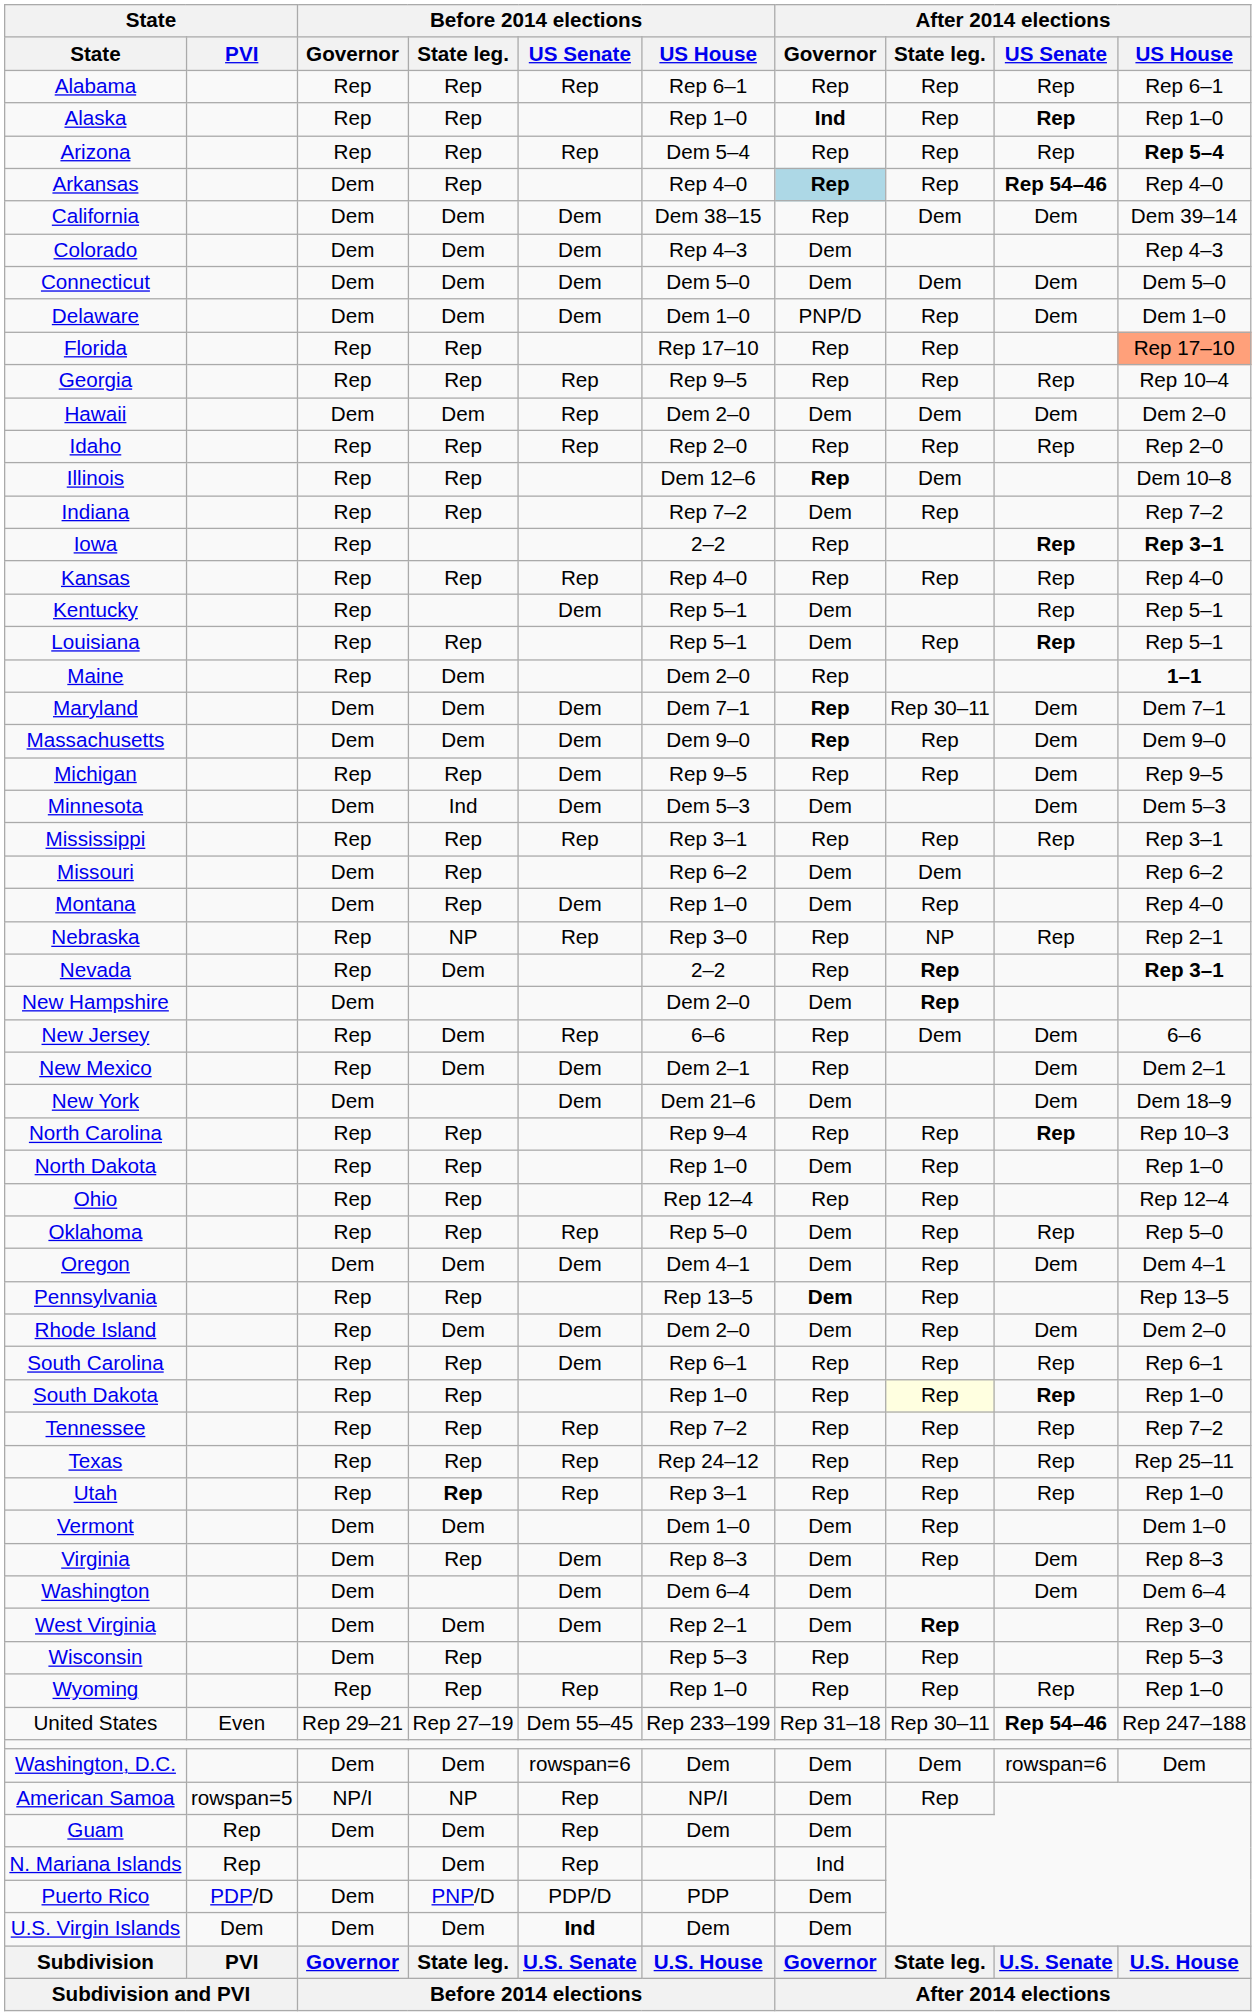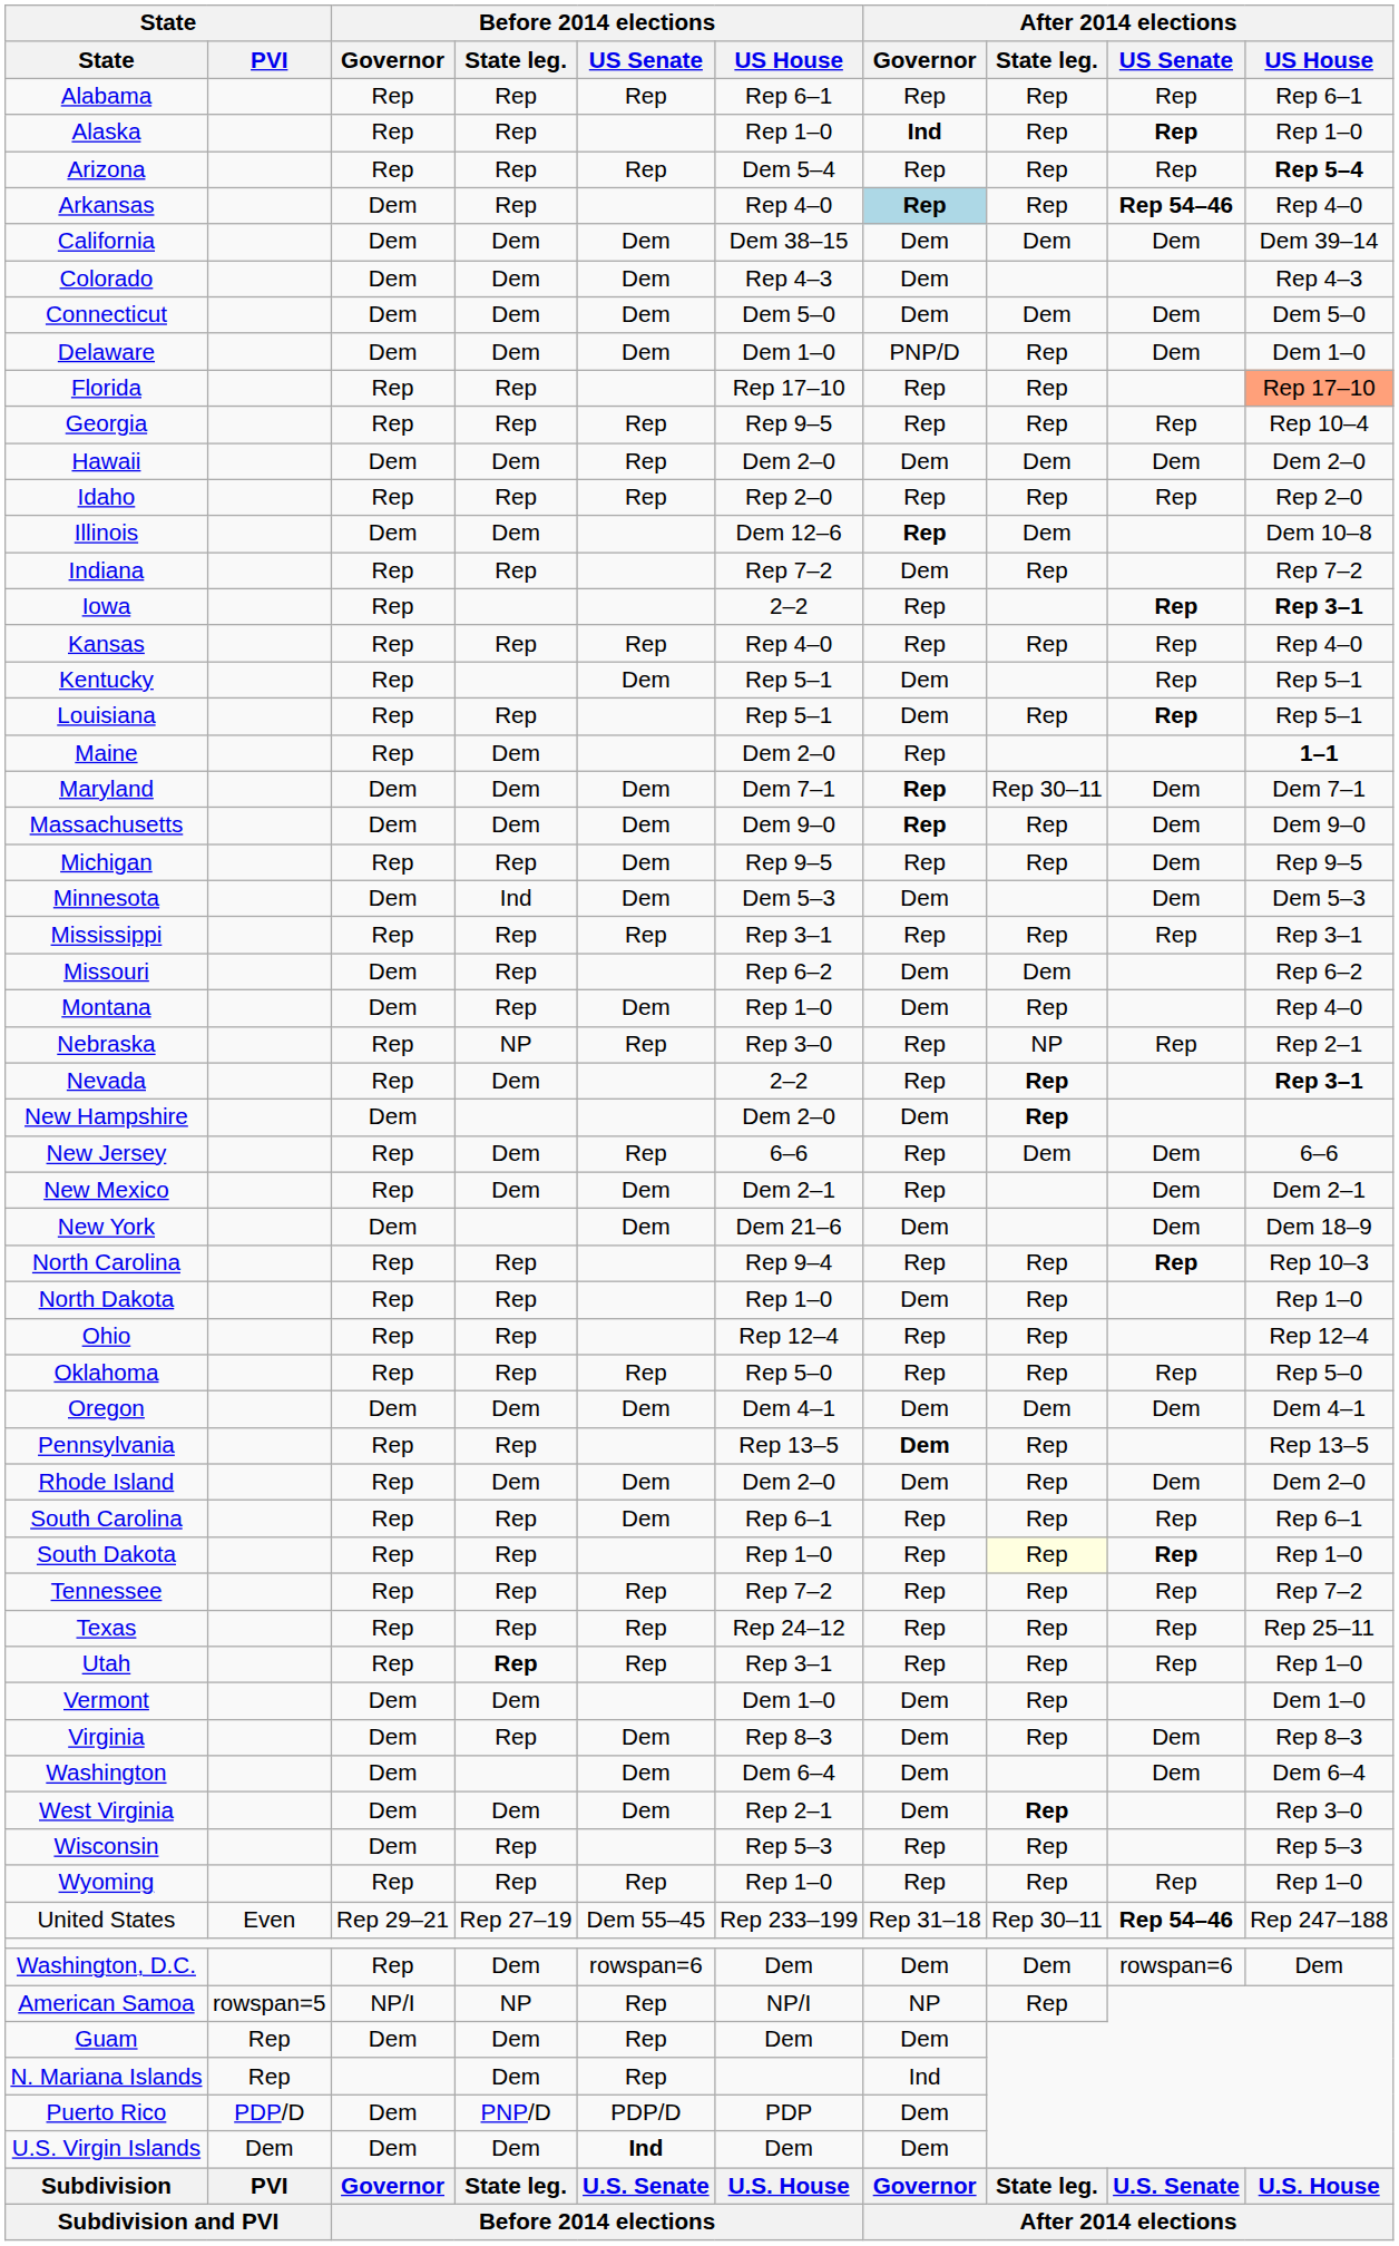 <table class="wikitable sortable" style="text-align: center;">
 <tr>
 <th colspan=2>State</th>
 <th colspan= 4>Before 2014 elections</th>
 <th colspan= 4>After 2014 elections</th>
 </tr>
 <tr>
 <th>State</th>
 <th data-sort-type="number"><a href='#'>PVI</a></th>
 <th>Governor</th>
 <th>State leg.</th>
 <th><a href='#'>US Senate</a></th>
 <th><a href='#'>US House</a></th>
 <th>Governor</th>
 <th>State leg.</th>
 <th><a href='#'>US Senate</a></th>
 <th><a href='#'>US House</a></th>
 </tr>
 <tr>
 <td><a href='#'>Alabama</a></td>
 <td></td>
 <td>Rep</td>
 <td>Rep</td>
 <td>Rep</td>
 <td>Rep 6–1</td>
 <td>Rep</td>
 <td>Rep</td>
 <td>Rep</td>
 <td>Rep 6–1</td>
 </tr>
 <tr>
 <td><a href='#'>Alaska</a></td>
 <td></td>
 <td>Rep</td>
 <td>Rep</td>
 <td></td>
 <td>Rep 1–0</td>
 <td><strong>Ind</strong></td>
 <td>Rep</td>
 <td><strong>Rep</strong></td>
 <td>Rep 1–0</td>
 </tr>
 <tr>
 <td><a href='#'>Arizona</a></td>
 <td></td>
 <td>Rep</td>
 <td>Rep</td>
 <td>Rep</td>
 <td>Dem 5–4</td>
 <td>Rep</td>
 <td>Rep</td>
 <td>Rep</td>
 <td><strong>Rep 5–4</strong></td>
 </tr>
 <tr>
 <td><a href='#'>Arkansas</a></td>
 <td></td>
 <td>Dem</td>
 <td>Rep</td>
 <td></td>
 <td>Rep 4–0</td>
 <td style="background: lightblue;"><strong>Rep</strong></td>
 <td>Rep</td>
 <td><strong>Rep 54–46</strong></td>
 <td>Rep 4–0</td>
 </tr>
 <tr>
 <td><a href='#'>California</a></td>
 <td></td>
 <td>Dem</td>
 <td>Dem</td>
 <td>Dem</td>
 <td>Dem 38–15</td>
-<td>Rep</td>
+<td>Dem</td>
 <td>Dem</td>
 <td>Dem</td>
 <td>Dem 39–14</td>
 </tr>
 <tr>
 <td><a href='#'>Colorado</a></td>
 <td></td>
 <td>Dem</td>
 <td>Dem</td>
 <td>Dem</td>
 <td>Rep 4–3</td>
 <td>Dem</td>
 <td></td>
 <td></td>
 <td>Rep 4–3</td>
 </tr>
 <tr>
 <td><a href='#'>Connecticut</a></td>
 <td></td>
 <td>Dem</td>
 <td>Dem</td>
 <td>Dem</td>
 <td>Dem 5–0</td>
 <td>Dem</td>
 <td>Dem</td>
 <td>Dem</td>
 <td>Dem 5–0</td>
 </tr>
 <tr>
 <td><a href='#'>Delaware</a></td>
 <td></td>
 <td>Dem</td>
 <td>Dem</td>
 <td>Dem</td>
 <td>Dem 1–0</td>
 <td>PNP/D</td>
 <td>Rep</td>
 <td>Dem</td>
 <td>Dem 1–0</td>
 </tr>
 <tr>
 <td><a href='#'>Florida</a></td>
 <td></td>
 <td>Rep</td>
 <td>Rep</td>
 <td></td>
 <td>Rep 17–10</td>
 <td>Rep</td>
 <td>Rep</td>
 <td></td>
 <td style="background: lightsalmon;">Rep 17–10</td>
 </tr>
 <tr>
 <td><a href='#'>Georgia</a></td>
 <td></td>
 <td>Rep</td>
 <td>Rep</td>
 <td>Rep</td>
 <td>Rep 9–5</td>
 <td>Rep</td>
 <td>Rep</td>
 <td>Rep</td>
 <td>Rep 10–4</td>
 </tr>
 <tr>
 <td><a href='#'>Hawaii</a></td>
 <td></td>
 <td>Dem</td>
 <td>Dem</td>
 <td>Rep</td>
 <td>Dem 2–0</td>
 <td>Dem</td>
 <td>Dem</td>
 <td>Dem</td>
 <td>Dem 2–0</td>
 </tr>
 <tr>
 <td><a href='#'>Idaho</a></td>
 <td></td>
 <td>Rep</td>
 <td>Rep</td>
 <td>Rep</td>
 <td>Rep 2–0</td>
 <td>Rep</td>
 <td>Rep</td>
 <td>Rep</td>
 <td>Rep 2–0</td>
 </tr>
 <tr>
 <td><a href='#'>Illinois</a></td>
 <td></td>
-<td>Rep</td>
-<td>Rep</td>
+<td>Dem</td>
+<td>Dem</td>
 <td></td>
 <td>Dem 12–6</td>
 <td><strong>Rep</strong></td>
 <td>Dem</td>
 <td></td>
 <td>Dem 10–8</td>
 </tr>
 <tr>
 <td><a href='#'>Indiana</a></td>
 <td></td>
 <td>Rep</td>
 <td>Rep</td>
 <td></td>
 <td>Rep 7–2</td>
 <td>Dem</td>
 <td>Rep</td>
 <td></td>
 <td>Rep 7–2</td>
 </tr>
 <tr>
 <td><a href='#'>Iowa</a></td>
 <td></td>
 <td>Rep</td>
 <td></td>
 <td></td>
 <td> 2–2</td>
 <td>Rep</td>
 <td></td>
 <td><strong>Rep</strong></td>
 <td><strong>Rep 3–1</strong></td>
 </tr>
 <tr>
 <td><a href='#'>Kansas</a></td>
 <td></td>
 <td>Rep</td>
 <td>Rep</td>
 <td>Rep</td>
 <td>Rep 4–0</td>
 <td>Rep</td>
 <td>Rep</td>
 <td>Rep</td>
 <td>Rep 4–0</td>
 </tr>
 <tr>
 <td><a href='#'>Kentucky</a></td>
 <td></td>
 <td>Rep</td>
 <td></td>
 <td>Dem</td>
 <td>Rep 5–1</td>
 <td>Dem</td>
 <td></td>
 <td>Rep</td>
 <td>Rep 5–1</td>
 </tr>
 <tr>
 <td><a href='#'>Louisiana</a></td>
 <td></td>
 <td>Rep</td>
 <td>Rep</td>
 <td></td>
 <td>Rep 5–1</td>
 <td>Dem</td>
 <td>Rep</td>
 <td><strong>Rep</strong></td>
 <td>Rep 5–1</td>
 </tr>
 <tr>
 <td><a href='#'>Maine</a></td>
 <td></td>
 <td>Rep</td>
 <td>Dem</td>
 <td></td>
 <td>Dem 2–0</td>
 <td>Rep</td>
 <td></td>
 <td></td>
 <td><strong> 1–1</strong></td>
 </tr>
 <tr>
 <td><a href='#'>Maryland</a></td>
 <td></td>
 <td>Dem</td>
 <td>Dem</td>
 <td>Dem</td>
 <td>Dem 7–1</td>
 <td><strong>Rep</strong></td>
 <td>Rep 30–11</td>
 <td>Dem</td>
 <td>Dem 7–1</td>
 </tr>
 <tr>
 <td><a href='#'>Massachusetts</a></td>
 <td></td>
 <td>Dem</td>
 <td>Dem</td>
 <td>Dem</td>
 <td>Dem 9–0</td>
 <td><strong>Rep</strong></td>
 <td>Rep</td>
 <td>Dem</td>
 <td>Dem 9–0</td>
 </tr>
 <tr>
 <td><a href='#'>Michigan</a></td>
 <td></td>
 <td>Rep</td>
 <td>Rep</td>
 <td>Dem</td>
 <td>Rep 9–5</td>
 <td>Rep</td>
 <td>Rep</td>
 <td>Dem</td>
 <td>Rep 9–5</td>
 </tr>
 <tr>
 <td><a href='#'>Minnesota</a></td>
 <td></td>
 <td>Dem</td>
 <td>Ind</td>
 <td>Dem</td>
 <td>Dem 5–3</td>
 <td>Dem</td>
 <td></td>
 <td>Dem</td>
 <td>Dem 5–3</td>
 </tr>
 <tr>
 <td><a href='#'>Mississippi</a></td>
 <td></td>
 <td>Rep</td>
 <td>Rep</td>
 <td>Rep</td>
 <td>Rep 3–1</td>
 <td>Rep</td>
 <td>Rep</td>
 <td>Rep</td>
 <td>Rep 3–1</td>
 </tr>
 <tr>
 <td><a href='#'>Missouri</a></td>
 <td></td>
 <td>Dem</td>
 <td>Rep</td>
 <td></td>
 <td>Rep 6–2</td>
 <td>Dem</td>
 <td>Dem</td>
 <td></td>
 <td>Rep 6–2</td>
 </tr>
 <tr>
 <td><a href='#'>Montana</a></td>
 <td></td>
 <td>Dem</td>
 <td>Rep</td>
 <td>Dem</td>
 <td>Rep 1–0</td>
 <td>Dem</td>
 <td>Rep</td>
 <td></td>
 <td>Rep 4–0</td>
 </tr>
 <tr>
 <td><a href='#'>Nebraska</a></td>
 <td></td>
 <td>Rep</td>
 <td>NP</td>
 <td>Rep</td>
 <td>Rep 3–0</td>
 <td>Rep</td>
 <td>NP</td>
 <td>Rep</td>
 <td>Rep 2–1</td>
 </tr>
 <tr>
 <td><a href='#'>Nevada</a></td>
 <td></td>
 <td>Rep</td>
 <td>Dem</td>
 <td></td>
 <td> 2–2</td>
 <td>Rep</td>
 <td><strong>Rep</strong></td>
 <td></td>
 <td><strong>Rep 3–1</strong></td>
 </tr>
 <tr>
 <td><a href='#'>New Hampshire</a></td>
 <td></td>
 <td>Dem</td>
 <td></td>
 <td></td>
 <td>Dem 2–0</td>
 <td>Dem</td>
 <td><strong>Rep</strong></td>
 <td></td>
 <td></td>
 </tr>
 <tr>
 <td><a href='#'>New Jersey</a></td>
 <td></td>
 <td>Rep</td>
 <td>Dem</td>
 <td>Rep</td>
 <td> 6–6</td>
 <td>Rep</td>
 <td>Dem</td>
 <td>Dem</td>
 <td> 6–6</td>
 </tr>
 <tr>
 <td><a href='#'>New Mexico</a></td>
 <td></td>
 <td>Rep</td>
 <td>Dem</td>
 <td>Dem</td>
 <td>Dem 2–1</td>
 <td>Rep</td>
 <td></td>
 <td>Dem</td>
 <td>Dem 2–1</td>
 </tr>
 <tr>
 <td><a href='#'>New York</a></td>
 <td></td>
 <td>Dem</td>
 <td></td>
 <td>Dem</td>
 <td>Dem 21–6</td>
 <td>Dem</td>
 <td></td>
 <td>Dem</td>
 <td>Dem 18–9</td>
 </tr>
 <tr>
 <td><a href='#'>North Carolina</a></td>
 <td></td>
 <td>Rep</td>
 <td>Rep</td>
 <td></td>
 <td>Rep 9–4</td>
 <td>Rep</td>
 <td>Rep</td>
 <td><strong>Rep</strong></td>
 <td>Rep 10–3</td>
 </tr>
 <tr>
 <td><a href='#'>North Dakota</a></td>
 <td></td>
 <td>Rep</td>
 <td>Rep</td>
 <td></td>
 <td>Rep 1–0</td>
 <td>Dem</td>
 <td>Rep</td>
 <td></td>
 <td>Rep 1–0</td>
 </tr>
 <tr>
 <td><a href='#'>Ohio</a></td>
 <td></td>
 <td>Rep</td>
 <td>Rep</td>
 <td></td>
 <td>Rep 12–4</td>
 <td>Rep</td>
 <td>Rep</td>
 <td></td>
 <td>Rep 12–4</td>
 </tr>
 <tr>
 <td><a href='#'>Oklahoma</a></td>
 <td></td>
 <td>Rep</td>
 <td>Rep</td>
 <td>Rep</td>
 <td>Rep 5–0</td>
-<td>Dem</td>
+<td>Rep</td>
 <td>Rep</td>
 <td>Rep</td>
 <td>Rep 5–0</td>
 </tr>
 <tr>
 <td><a href='#'>Oregon</a></td>
 <td></td>
 <td>Dem</td>
 <td>Dem</td>
 <td>Dem</td>
 <td>Dem 4–1</td>
 <td>Dem</td>
-<td>Rep</td>
+<td>Dem</td>
 <td>Dem</td>
 <td>Dem 4–1</td>
 </tr>
 <tr>
 <td><a href='#'>Pennsylvania</a></td>
 <td></td>
 <td>Rep</td>
 <td>Rep</td>
 <td></td>
 <td>Rep 13–5</td>
 <td><strong>Dem</strong></td>
 <td>Rep</td>
 <td></td>
 <td>Rep 13–5</td>
 </tr>
 <tr>
 <td><a href='#'>Rhode Island</a></td>
 <td></td>
 <td>Rep</td>
 <td>Dem</td>
 <td>Dem</td>
 <td>Dem 2–0</td>
 <td>Dem</td>
 <td>Rep</td>
 <td>Dem</td>
 <td>Dem 2–0</td>
 </tr>
 <tr>
 <td><a href='#'>South Carolina</a></td>
 <td></td>
 <td>Rep</td>
 <td>Rep</td>
 <td>Dem</td>
 <td>Rep 6–1</td>
 <td>Rep</td>
 <td>Rep</td>
 <td>Rep</td>
 <td>Rep 6–1</td>
 </tr>
 <tr>
 <td><a href='#'>South Dakota</a></td>
 <td></td>
 <td>Rep</td>
 <td>Rep</td>
 <td></td>
 <td>Rep 1–0</td>
 <td>Rep</td>
 <td style="background: lightyellow;">Rep</td>
 <td><strong>Rep</strong></td>
 <td>Rep 1–0</td>
 </tr>
 <tr>
 <td><a href='#'>Tennessee</a></td>
 <td></td>
 <td>Rep</td>
 <td>Rep</td>
 <td>Rep</td>
 <td>Rep 7–2</td>
 <td>Rep</td>
 <td>Rep</td>
 <td>Rep</td>
 <td>Rep 7–2</td>
 </tr>
 <tr>
 <td><a href='#'>Texas</a></td>
 <td></td>
 <td>Rep</td>
 <td>Rep</td>
 <td>Rep</td>
 <td>Rep 24–12</td>
 <td>Rep</td>
 <td>Rep</td>
 <td>Rep</td>
 <td>Rep 25–11</td>
 </tr>
 <tr>
 <td><a href='#'>Utah</a></td>
 <td></td>
 <td>Rep</td>
 <td><strong>Rep</strong></td>
 <td>Rep</td>
 <td>Rep 3–1</td>
 <td>Rep</td>
 <td>Rep</td>
 <td>Rep</td>
 <td>Rep 1–0</td>
 </tr>
 <tr>
 <td><a href='#'>Vermont</a></td>
 <td></td>
 <td>Dem</td>
 <td>Dem</td>
 <td></td>
 <td>Dem 1–0</td>
 <td>Dem</td>
 <td>Rep</td>
 <td></td>
 <td>Dem 1–0</td>
 </tr>
 <tr>
 <td><a href='#'>Virginia</a></td>
 <td></td>
 <td>Dem</td>
 <td>Rep</td>
 <td>Dem</td>
 <td>Rep 8–3</td>
 <td>Dem</td>
 <td>Rep</td>
 <td>Dem</td>
 <td>Rep 8–3</td>
 </tr>
 <tr>
 <td><a href='#'>Washington</a></td>
 <td></td>
 <td>Dem</td>
 <td></td>
 <td>Dem</td>
 <td>Dem 6–4</td>
 <td>Dem</td>
 <td></td>
 <td>Dem</td>
 <td>Dem 6–4</td>
 </tr>
 <tr>
 <td><a href='#'>West Virginia</a></td>
 <td></td>
 <td>Dem</td>
 <td>Dem</td>
 <td>Dem</td>
 <td>Rep 2–1</td>
 <td>Dem</td>
 <td><strong>Rep</strong></td>
 <td></td>
 <td>Rep 3–0</td>
 </tr>
 <tr>
 <td><a href='#'>Wisconsin</a></td>
 <td></td>
 <td>Dem</td>
 <td>Rep</td>
 <td></td>
 <td>Rep 5–3</td>
 <td>Rep</td>
 <td>Rep</td>
 <td></td>
 <td>Rep 5–3</td>
 </tr>
 <tr>
 <td><a href='#'>Wyoming</a></td>
 <td></td>
 <td>Rep</td>
 <td>Rep</td>
 <td>Rep</td>
 <td>Rep 1–0</td>
 <td>Rep</td>
 <td>Rep</td>
 <td>Rep</td>
 <td>Rep 1–0</td>
 </tr>
 <tr class="sortbottom" |>
 <td>United States</td>
 <td>Even</td>
 <td>Rep 29–21</td>
 <td>Rep 27–19</td>
 <td>Dem 55–45</td>
 <td>Rep 233–199</td>
 <td>Rep 31–18</td>
 <td>Rep 30–11</td>
 <td><strong>Rep 54–46</strong></td>
 <td>Rep 247–188</td>
 </tr>
 <tr class="sortbottom">
 <td colspan=11></td>
 </tr>
 <tr class="sortbottom" |>
 <td><a href='#'>Washington, D.C.</a></td>
 <td></td>
-<td>Dem</td>
+<td>Rep</td>
 <td>Dem</td>
 <td>rowspan=6 </td>
 <td>Dem</td>
 <td>Dem</td>
 <td>Dem</td>
 <td>rowspan=6 </td>
 <td>Dem</td>
 </tr>
 <tr class="sortbottom" |>
 <td><a href='#'>American Samoa</a></td>
 <td>rowspan=5 </td>
 <td>NP/I</td>
 <td>NP</td>
 <td>Rep</td>
 <td>NP/I</td>
-<td>Dem</td>
+<td>NP</td>
 <td>Rep</td>
 </tr>
 <tr class="sortbottom" |>
 <td><a href='#'>Guam</a></td>
 <td>Rep</td>
 <td>Dem</td>
 <td>Dem</td>
 <td>Rep</td>
 <td>Dem</td>
 <td>Dem</td>
 </tr>
 <tr class="sortbottom" |>
 <td><a href='#'>N. Mariana Islands</a></td>
 <td>Rep</td>
 <td></td>
 <td>Dem</td>
 <td>Rep</td>
 <td></td>
 <td>Ind</td>
 </tr>
 <tr class="sortbottom" |>
 <td><a href='#'>Puerto Rico</a></td>
 <td><a href='#'>PDP</a>/D</td>
 <td>Dem</td>
 <td><a href='#'>PNP</a>/D</td>
 <td>PDP/D</td>
 <td>PDP</td>
 <td>Dem</td>
 </tr>
 <tr class="sortbottom" |>
 <td><a href='#'>U.S. Virgin Islands</a></td>
 <td>Dem</td>
 <td>Dem</td>
 <td>Dem</td>
 <td><strong>Ind</strong></td>
 <td>Dem</td>
 <td>Dem</td>
 </tr>
 <tr>
 <th>Subdivision</th>
 <th>PVI</th>
 <th><a href='#'>Governor</a></th>
 <th>State leg.</th>
 <th><a href='#'>U.S. Senate</a></th>
 <th><a href='#'>U.S. House</a></th>
 <th><a href='#'>Governor</a></th>
 <th>State leg.</th>
 <th><a href='#'>U.S. Senate</a></th>
 <th><a href='#'>U.S. House</a></th>
 </tr>
 <tr>
 <th colspan=2>Subdivision and PVI</th>
 <th colspan= 4>Before 2014 elections</th>
 <th colspan= 4>After 2014 elections</th>
 </tr>
 </table>
